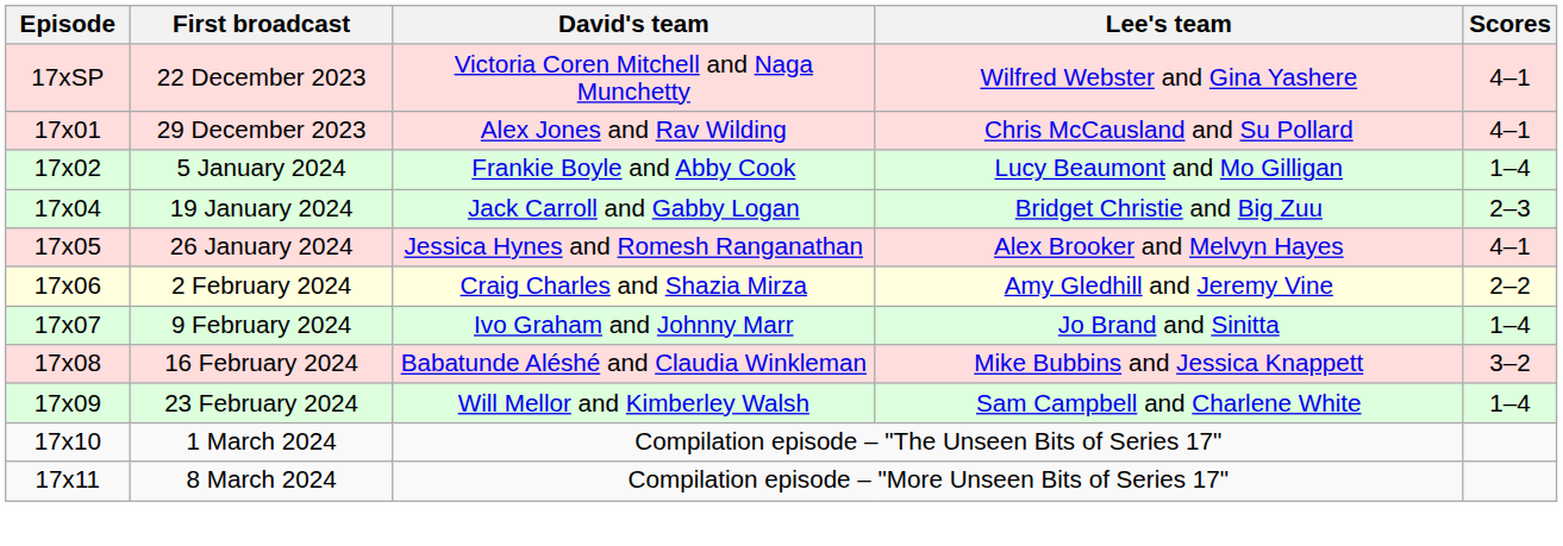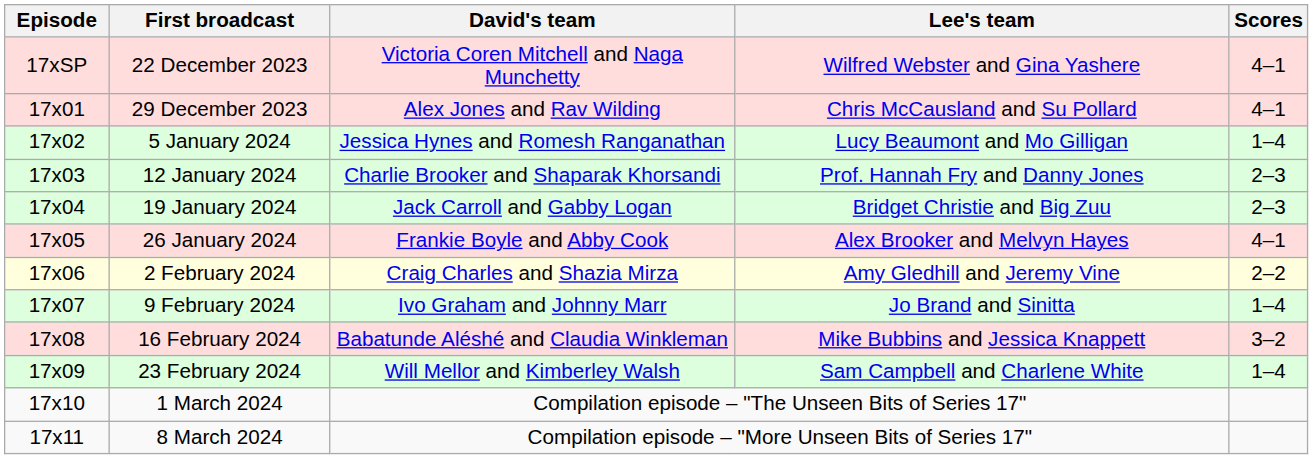 <table class="wikitable"  style="width:80%; left:0 auto; text-align:center;">
 <tr>
 <th style="width:8%;">Episode</th>
 <th style="width:17%;">First broadcast</th>
 <th style="width:31%;">David's team</th>
 <th style="width:38%;">Lee's team</th>
 <th style="width:6%;">Scores</th>
 </tr>
 <tr style="background:#fdd;">
 <td>17xSP</td>
 <td>22 December 2023</td>
 <td><a href='#'>Victoria Coren Mitchell</a> and <a href='#'>Naga Munchetty</a></td>
 <td><a href='#'>Wilfred Webster</a> and <a href='#'>Gina Yashere</a></td>
 <td>4–1</td>
 </tr>
 <tr style="background:#fdd;">
 <td>17x01</td>
 <td>29 December 2023</td>
 <td><a href='#'>Alex Jones</a> and <a href='#'>Rav Wilding</a></td>
 <td><a href='#'>Chris McCausland</a> and <a href='#'>Su Pollard</a></td>
 <td>4–1</td>
 </tr>
 <tr style="background:#dfd;">
 <td>17x02</td>
 <td>5 January 2024</td>
-<td><a href='#'>Frankie Boyle</a> and <a href='#'>Abby Cook</a></td>
+<td><a href='#'>Jessica Hynes</a> and <a href='#'>Romesh Ranganathan</a></td>
 <td><a href='#'>Lucy Beaumont</a> and <a href='#'>Mo Gilligan</a></td>
 <td>1–4</td>
+</tr>
+<tr style="background:#dfd;">
+<td>17x03</td>
+<td>12 January 2024</td>
+<td><a href='#'>Charlie Brooker</a> and <a href='#'>Shaparak Khorsandi</a></td>
+<td><a href='#'>Prof. Hannah Fry</a> and <a href='#'>Danny Jones</a></td>
+<td>2–3</td>
 </tr>
 <tr style="background:#dfd;">
 <td>17x04</td>
 <td>19 January 2024</td>
 <td><a href='#'>Jack Carroll</a> and <a href='#'>Gabby Logan</a></td>
 <td><a href='#'>Bridget Christie</a> and <a href='#'>Big Zuu</a></td>
 <td>2–3</td>
 </tr>
 <tr style="background:#fdd;">
 <td>17x05</td>
 <td>26 January 2024</td>
-<td><a href='#'>Jessica Hynes</a> and <a href='#'>Romesh Ranganathan</a></td>
+<td><a href='#'>Frankie Boyle</a> and <a href='#'>Abby Cook</a></td>
 <td><a href='#'>Alex Brooker</a> and <a href='#'>Melvyn Hayes</a></td>
 <td>4–1</td>
 </tr>
 <tr style="background:#ffd;">
 <td>17x06</td>
 <td>2 February 2024</td>
 <td><a href='#'>Craig Charles</a> and <a href='#'>Shazia Mirza</a></td>
 <td><a href='#'>Amy Gledhill</a> and <a href='#'>Jeremy Vine</a></td>
 <td>2–2</td>
 </tr>
 <tr style="background:#dfd;">
 <td>17x07</td>
 <td>9 February 2024</td>
 <td><a href='#'>Ivo Graham</a> and <a href='#'>Johnny Marr</a></td>
 <td><a href='#'>Jo Brand</a> and <a href='#'>Sinitta</a></td>
 <td>1–4</td>
 </tr>
 <tr style="background:#fdd;">
 <td>17x08</td>
 <td>16 February 2024</td>
 <td><a href='#'>Babatunde Aléshé</a> and <a href='#'>Claudia Winkleman</a></td>
 <td><a href='#'>Mike Bubbins</a> and <a href='#'>Jessica Knappett</a></td>
 <td>3–2</td>
 </tr>
 <tr style="background:#dfd;">
 <td>17x09</td>
 <td>23 February 2024</td>
 <td><a href='#'>Will Mellor</a> and <a href='#'>Kimberley Walsh</a></td>
 <td><a href='#'>Sam Campbell</a> and <a href='#'>Charlene White</a></td>
 <td>1–4</td>
 </tr>
 <tr>
 <td>17x10</td>
 <td>1 March 2024</td>
 <td colspan="2">Compilation episode – "The Unseen Bits of Series 17"</td>
 <td></td>
 </tr>
 <tr>
 <td>17x11</td>
 <td>8 March 2024</td>
 <td colspan="2">Compilation episode – "More Unseen Bits of Series 17"</td>
 <td></td>
 </tr>
 </table>
